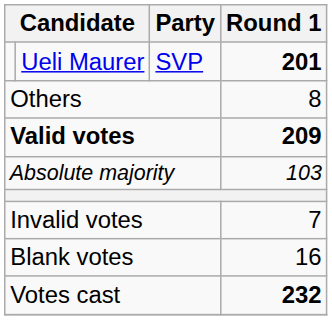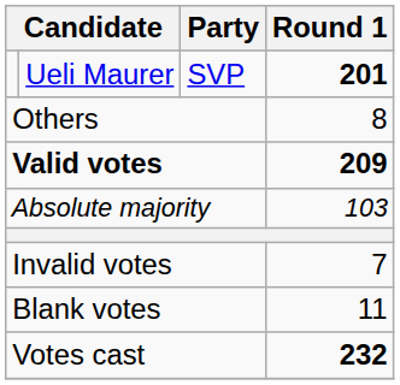 <table class="wikitable" style="text-align:right;">
 <tr>
 <th colspan=2>Candidate</th>
 <th>Party</th>
 <th>Round 1</th>
 </tr>
 <tr>
 <td style="background-color:"></td>
 <td style="text-align:left;"><a href='#'>Ueli Maurer</a></td>
 <td style="text-align:left;"><a href='#'>SVP</a></td>
 <td><strong>201</strong></td>
 </tr>
 <tr>
 <td colspan=3 style="text-align:left;">Others</td>
 <td>8</td>
 </tr>
 <tr style="font-weight:bold;">
 <td colspan=3 style="text-align:left;">Valid votes</td>
 <td>209</td>
 </tr>
 <tr style="font-style:italic; font-size:90%;">
 <td colspan=3 style="text-align:left;">Absolute majority</td>
 <td>103</td>
 </tr>
 <tr>
 <th colspan=10></th>
 </tr>
 <tr>
 <td colspan=3 style="text-align:left;">Invalid votes</td>
 <td>7</td>
 </tr>
 <tr>
 <td colspan=3 style="text-align:left;">Blank votes</td>
-<td>16</td>
+<td>11</td>
 </tr>
 <tr>
 <td colspan=3 style="text-align:left;">Votes cast</td>
 <td><strong>232</strong></td>
 </tr>
 <tr>
 </tr>
 </table>
